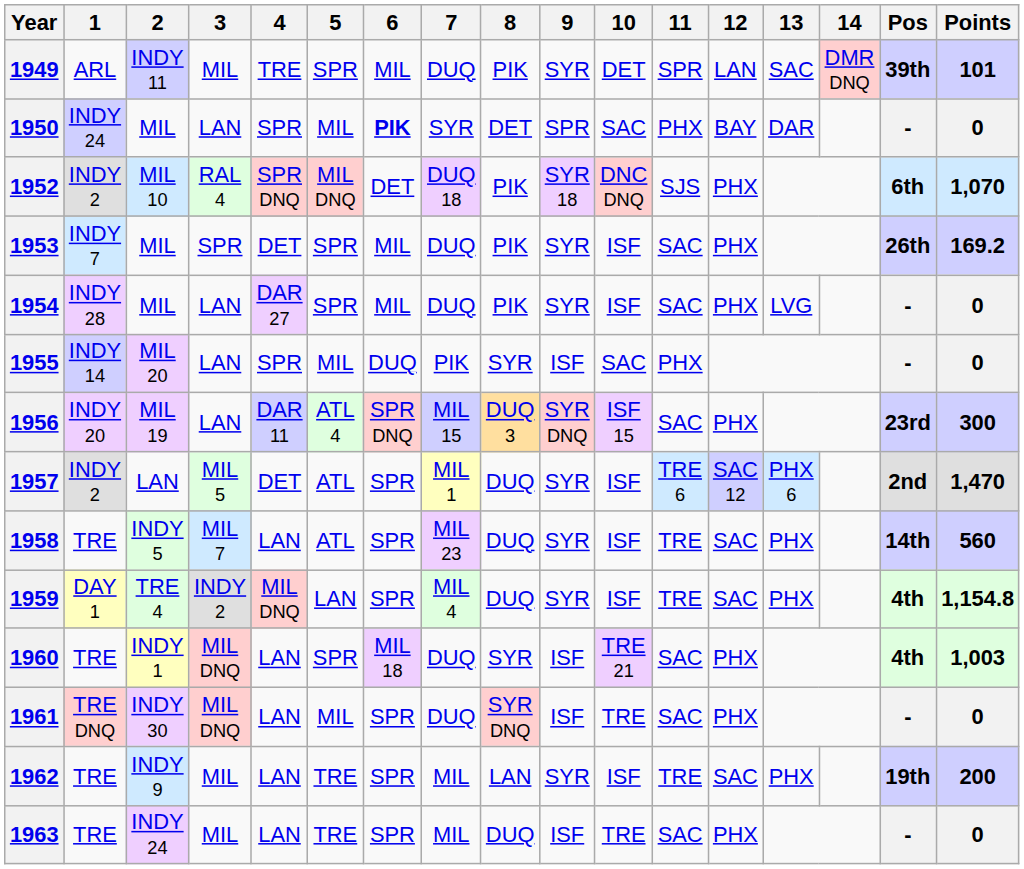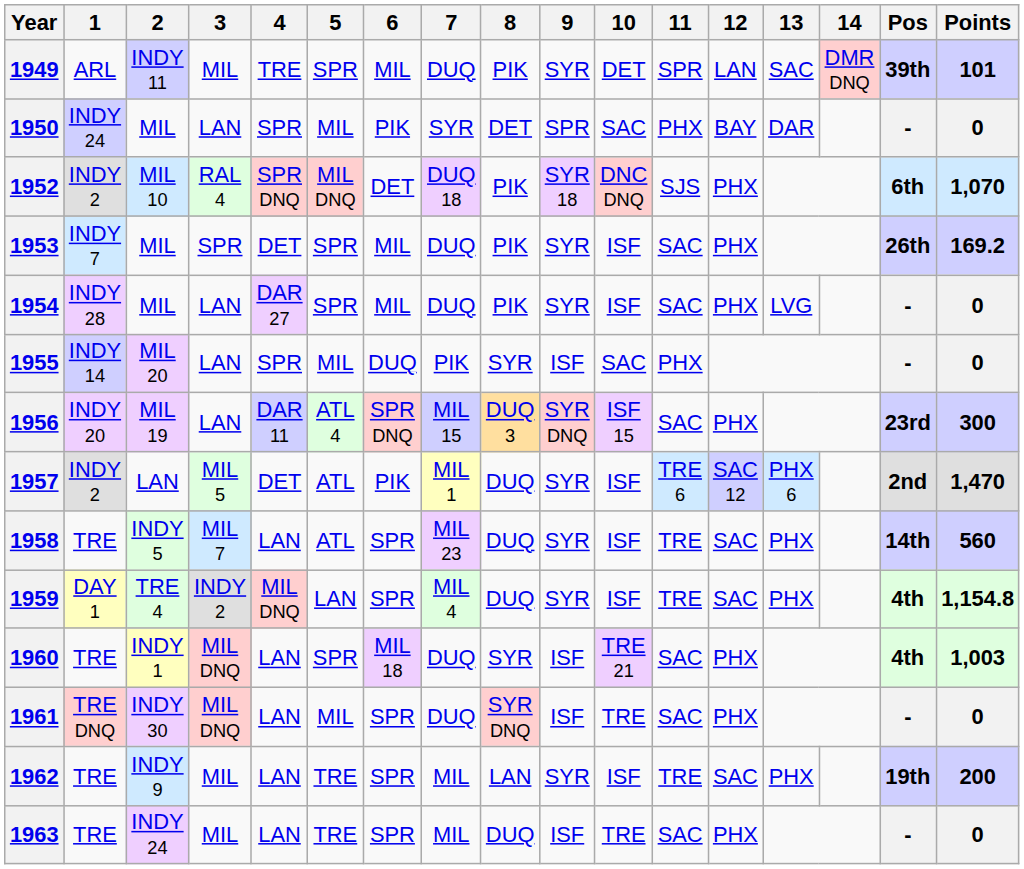 <table class="wikitable" style="text-align:center; font-size:90%">
 <tr>
 <th>Year</th>
 <th>1</th>
 <th>2</th>
 <th>3</th>
 <th>4</th>
 <th>5</th>
 <th>6</th>
 <th>7</th>
 <th>8</th>
 <th>9</th>
 <th>10</th>
 <th>11</th>
 <th>12</th>
 <th>13</th>
 <th>14</th>
 <th>Pos</th>
 <th>Points</th>
 </tr>
 <tr>
 <th rowspan=1><a href='#'>1949</a></th>
 <td><a href='#'>ARL</a></td>
 <td style="background:#CFCFFF;"><a href='#'>INDY</a><br><small>11</small></td>
 <td><a href='#'>MIL</a><br><small> </small></td>
 <td><a href='#'>TRE</a><br></td>
 <td><a href='#'>SPR</a></td>
 <td><a href='#'>MIL</a><br><small> </small></td>
 <td><a href='#'>DUQ</a><br><small> </small></td>
 <td><a href='#'>PIK</a></td>
 <td><a href='#'>SYR</a></td>
 <td><a href='#'>DET</a></td>
 <td><a href='#'>SPR</a></td>
 <td><a href='#'>LAN</a></td>
 <td><a href='#'>SAC</a><br><small> </small></td>
 <td style="background:#FFCFCF;"><a href='#'>DMR</a><br><small>DNQ</small></td>
 <th style="background:#CFCFFF;">39th</th>
 <th style="background:#CFCFFF;">101</th>
 </tr>
 <tr>
 <th rowspan=1><a href='#'>1950</a></th>
 <td style="background:#CFCFFF;"><a href='#'>INDY</a><br><small>24</small></td>
 <td><a href='#'>MIL</a><br><small> </small></td>
 <td><a href='#'>LAN</a><br><small> </small></td>
 <td><a href='#'>SPR</a><br><small> </small></td>
 <td><a href='#'>MIL</a><br><small> </small></td>
-<td><strong><a href='#'>PIK</a><br><small> </small></strong></td>
+<td><a href='#'>PIK</a><br><small> </small></td>
 <td><a href='#'>SYR</a><br><small> </small></td>
 <td><a href='#'>DET</a><br><small> </small></td>
 <td><a href='#'>SPR</a><br><small> </small></td>
 <td><a href='#'>SAC</a><br><small> </small></td>
 <td><a href='#'>PHX</a><br><small> </small></td>
 <td><a href='#'>BAY</a><br><small> </small></td>
 <td><a href='#'>DAR</a><br><small> </small></td>
 <td colspan=1></td>
 <th>-</th>
 <th>0</th>
 </tr>
 <tr>
 <th><a href='#'>1952</a></th>
 <td style="background:#DFDFDF;"><a href='#'>INDY</a><br><small>2</small></td>
 <td style="background:#CFEAFF;"><a href='#'>MIL</a><br><small>10</small></td>
 <td style="background:#DFFFDF;"><a href='#'>RAL</a><br><small>4</small></td>
 <td style="background:#FFCFCF;"><a href='#'>SPR</a><br><small>DNQ</small></td>
 <td style="background:#FFCFCF;"><a href='#'>MIL</a><br><small>DNQ</small></td>
 <td><a href='#'>DET</a><br><small> </small></td>
 <td style="background:#EFCFFF;"><a href='#'>DUQ</a><br><small>18</small></td>
 <td><a href='#'>PIK</a></td>
 <td style="background:#EFCFFF;"><a href='#'>SYR</a><br><small>18</small></td>
 <td style="background:#FFCFCF;"><a href='#'>DNC</a><br><small>DNQ</small></td>
 <td><a href='#'>SJS</a><br><small></small></td>
 <td><a href='#'>PHX</a><br><small></small></td>
 <td colspan=2></td>
 <th style="background:#CFEAFF;">6th</th>
 <th style="background:#CFEAFF;">1,070</th>
 </tr>
 <tr>
 <th rowspan=1><a href='#'>1953</a></th>
 <td style="background:#CFEAFF;"><a href='#'>INDY</a><br><small>7</small></td>
 <td><a href='#'>MIL</a><br><small> </small></td>
 <td><a href='#'>SPR</a><br><small> </small></td>
 <td><a href='#'>DET</a><br><small> </small></td>
 <td><a href='#'>SPR</a><br><small></small></td>
 <td><a href='#'>MIL</a><br><small></small></td>
 <td><a href='#'>DUQ</a><br><small> </small></td>
 <td><a href='#'>PIK</a></td>
 <td><a href='#'>SYR</a><br><small></small></td>
 <td><a href='#'>ISF</a><br><small> </small></td>
 <td><a href='#'>SAC</a><br><small> </small></td>
 <td><a href='#'>PHX</a><br><small> </small></td>
 <td colspan=2></td>
 <th style="background:#CFCFFF;">26th</th>
 <th style="background:#CFCFFF;">169.2</th>
 </tr>
 <tr>
 <th rowspan=1><a href='#'>1954</a></th>
 <td style="background:#EFCFFF;"><a href='#'>INDY</a><br><small>28</small></td>
 <td><a href='#'>MIL</a><br><small></small></td>
 <td><a href='#'>LAN</a></td>
 <td style="background:#EFCFFF;"><a href='#'>DAR</a><br><small>27</small></td>
 <td><a href='#'>SPR</a></td>
 <td><a href='#'>MIL</a></td>
 <td><a href='#'>DUQ</a></td>
 <td><a href='#'>PIK</a></td>
 <td><a href='#'>SYR</a></td>
 <td><a href='#'>ISF</a></td>
 <td><a href='#'>SAC</a></td>
 <td><a href='#'>PHX</a><br><small></small></td>
 <td><a href='#'>LVG</a><br><small></small></td>
 <td colspan=1></td>
 <th>-</th>
 <th>0</th>
 </tr>
 <tr>
 <th rowspan=1><a href='#'>1955</a></th>
 <td style="background:#CFCFFF;"><a href='#'>INDY</a><br><small>14</small></td>
 <td style="background:#EFCFFF;"><a href='#'>MIL</a><br><small>20</small></td>
 <td><a href='#'>LAN</a></td>
 <td><a href='#'>SPR</a></td>
 <td><a href='#'>MIL</a></td>
 <td><a href='#'>DUQ</a></td>
 <td><a href='#'>PIK</a></td>
 <td><a href='#'>SYR</a></td>
 <td><a href='#'>ISF</a></td>
 <td><a href='#'>SAC</a></td>
 <td><a href='#'>PHX</a><br><small></small></td>
 <td colspan=3></td>
 <th>-</th>
 <th>0</th>
 </tr>
 <tr>
 <th rowspan=1><a href='#'>1956</a></th>
 <td style="background:#EFCFFF;"><a href='#'>INDY</a><br><small>20</small></td>
 <td style="background:#EFCFFF;"><a href='#'>MIL</a><br><small>19</small></td>
 <td><a href='#'>LAN</a><br><small> </small></td>
 <td style="background:#CFCFFF;"><a href='#'>DAR</a><br><small>11</small></td>
 <td style="background:#DFFFDF;"><a href='#'>ATL</a><br><small>4</small></td>
 <td style="background:#FFCFCF;"><a href='#'>SPR</a><br><small>DNQ</small></td>
 <td style="background:#CFCFFF;"><a href='#'>MIL</a><br><small>15</small></td>
 <td style="background:#FFDF9F;"><a href='#'>DUQ</a><br><small>3</small></td>
 <td style="background:#FFCFCF;"><a href='#'>SYR</a><br><small>DNQ</small></td>
 <td style="background:#EFCFFF;"><a href='#'>ISF</a><br><small>15</small></td>
 <td><a href='#'>SAC</a><br><small> </small></td>
 <td><a href='#'>PHX</a><br><small> </small></td>
 <td colspan=2></td>
 <th style="background:#CFCFFF;">23rd</th>
 <th style="background:#CFCFFF;">300</th>
 </tr>
 <tr>
 <th rowspan=1><a href='#'>1957</a></th>
 <td style="background:#DFDFDF;"><a href='#'>INDY</a><br><small>2</small></td>
 <td><a href='#'>LAN</a><br><small> </small></td>
 <td style="background:#DFFFDF;"><a href='#'>MIL</a><br><small>5</small></td>
 <td><a href='#'>DET</a><br><small> </small></td>
 <td><a href='#'>ATL</a><br><small> </small></td>
-<td><a href='#'>SPR</a><br><small> </small></td>
+<td><a href='#'>PIK</a><br><small> </small></td>
 <td style="background:#FFFFBF;"><a href='#'>MIL</a><br><small>1</small></td>
 <td><a href='#'>DUQ</a><br><small> </small></td>
 <td><a href='#'>SYR</a><br><small> </small></td>
 <td><a href='#'>ISF</a><br><small> </small></td>
 <td style="background:#CFEAFF;"><a href='#'>TRE</a><br><small>6</small></td>
 <td style="background:#CFCFFF;"><a href='#'>SAC</a><br><small>12</small></td>
 <td style="background:#CFEAFF;"><a href='#'>PHX</a><br><small>6</small></td>
 <td colspan=1></td>
 <th style="background:#DFDFDF;">2nd</th>
 <th style="background:#DFDFDF;">1,470</th>
 </tr>
 <tr>
 <th rowspan=1><a href='#'>1958</a></th>
 <td><a href='#'>TRE</a><br><small> </small></td>
 <td style="background:#DFFFDF;"><a href='#'>INDY</a><br><small>5</small></td>
 <td style="background:#CFEAFF;"><a href='#'>MIL</a><br><small>7</small></td>
 <td><a href='#'>LAN</a><br><small> </small></td>
 <td><a href='#'>ATL</a><br><small> </small></td>
 <td><a href='#'>SPR</a><br><small> </small></td>
 <td style="background:#EFCFFF;"><a href='#'>MIL</a><br><small>23</small></td>
 <td><a href='#'>DUQ</a><br><small> </small></td>
 <td><a href='#'>SYR</a><br><small> </small></td>
 <td><a href='#'>ISF</a><br><small> </small></td>
 <td><a href='#'>TRE</a><br><small> </small></td>
 <td><a href='#'>SAC</a><br><small> </small></td>
 <td><a href='#'>PHX</a><br><small> </small></td>
 <td colspan=1></td>
 <th style="background:#CFCFFF;">14th</th>
 <th style="background:#CFCFFF;">560</th>
 </tr>
 <tr>
 <th rowspan=1><a href='#'>1959</a></th>
 <td style="background:#ffffbf;"><a href='#'>DAY</a><br><small>1</small></td>
 <td style="background:#dfffdf;"><a href='#'>TRE</a><br><small>4</small></td>
 <td style="background:#dfdfdf;"><a href='#'>INDY</a><br><small>2</small></td>
 <td style="background:#ffcfcf;"><a href='#'>MIL</a><br><small>DNQ</small></td>
 <td><a href='#'>LAN</a><br><small> </small></td>
 <td><a href='#'>SPR</a><br><small> </small></td>
 <td style="background:#dfffdf;"><a href='#'>MIL</a><br><small>4</small></td>
 <td><a href='#'>DUQ</a><br><small> </small></td>
 <td><a href='#'>SYR</a><br><small> </small></td>
 <td><a href='#'>ISF</a><br><small> </small></td>
 <td><a href='#'>TRE</a><br><small> </small></td>
 <td><a href='#'>SAC</a><br><small> </small></td>
 <td><a href='#'>PHX</a><br><small> </small></td>
 <td colspan=1></td>
 <th style="background:#DFFFDF;">4th</th>
 <th style="background:#DFFFDF;">1,154.8</th>
 </tr>
 <tr>
 <th><a href='#'>1960</a></th>
 <td><a href='#'>TRE</a></td>
 <td style="background:#FFFFBF;"><a href='#'>INDY</a><br><small>1</small></td>
 <td style="background:#FFCFCF;"><a href='#'>MIL</a><br><small>DNQ</small></td>
 <td><a href='#'>LAN</a><br><small> </small></td>
 <td><a href='#'>SPR</a></td>
 <td style="background:#EFCFFF;"><a href='#'>MIL</a><br><small>18</small></td>
 <td><a href='#'>DUQ</a></td>
 <td><a href='#'>SYR</a></td>
 <td><a href='#'>ISF</a></td>
 <td style="background:#EFCFFF;"><a href='#'>TRE</a><br><small>21</small></td>
 <td><a href='#'>SAC</a></td>
 <td><a href='#'>PHX</a></td>
 <td colspan=2></td>
 <th style="background:#DFFFDF;">4th</th>
 <th style="background:#DFFFDF;">1,003</th>
 </tr>
 <tr>
 <th><a href='#'>1961</a></th>
 <td style="background:#FFCFCF;"><a href='#'>TRE</a><br><small>DNQ</small></td>
 <td style="background:#EFCFFF;"><a href='#'>INDY</a><br><small>30</small></td>
 <td style="background:#FFCFCF;"><a href='#'>MIL</a><br><small>DNQ</small></td>
 <td><a href='#'>LAN</a></td>
 <td><a href='#'>MIL</a></td>
 <td><a href='#'>SPR</a></td>
 <td><a href='#'>DUQ</a></td>
 <td style="background:#FFCFCF;"><a href='#'>SYR</a><br><small>DNQ</small></td>
 <td><a href='#'>ISF</a></td>
 <td><a href='#'>TRE</a></td>
 <td><a href='#'>SAC</a></td>
 <td><a href='#'>PHX</a></td>
 <td colspan=2></td>
 <th>-</th>
 <th>0</th>
 </tr>
 <tr>
 <th><a href='#'>1962</a></th>
 <td><a href='#'>TRE</a></td>
 <td style="background:#CFEAFF;"><a href='#'>INDY</a><br><small>9</small></td>
 <td><a href='#'>MIL</a><br><small> </small></td>
 <td><a href='#'>LAN</a></td>
 <td><a href='#'>TRE</a><br><small> </small></td>
 <td><a href='#'>SPR</a></td>
 <td><a href='#'>MIL</a><br><small> </small></td>
 <td><a href='#'>LAN</a></td>
 <td><a href='#'>SYR</a><br></td>
 <td><a href='#'>ISF</a><br></td>
 <td><a href='#'>TRE</a><br></td>
 <td><a href='#'>SAC</a><br></td>
 <td><a href='#'>PHX</a><br></td>
 <td colspan=1></td>
 <th style="background:#CFCFFF;">19th</th>
 <th style="background:#CFCFFF;">200</th>
 </tr>
 <tr>
 <th><a href='#'>1963</a></th>
 <td><a href='#'>TRE</a></td>
 <td style="background:#EFCFFF;"><a href='#'>INDY</a><br><small>24</small></td>
 <td><a href='#'>MIL</a><br><small> </small></td>
 <td><a href='#'>LAN</a></td>
 <td><a href='#'>TRE</a></td>
 <td><a href='#'>SPR</a></td>
 <td><a href='#'>MIL</a></td>
 <td><a href='#'>DUQ</a></td>
 <td><a href='#'>ISF</a></td>
 <td><a href='#'>TRE</a></td>
 <td><a href='#'>SAC</a></td>
 <td><a href='#'>PHX</a></td>
 <td colspan=2></td>
 <th>-</th>
 <th>0</th>
 </tr>
 </table>
